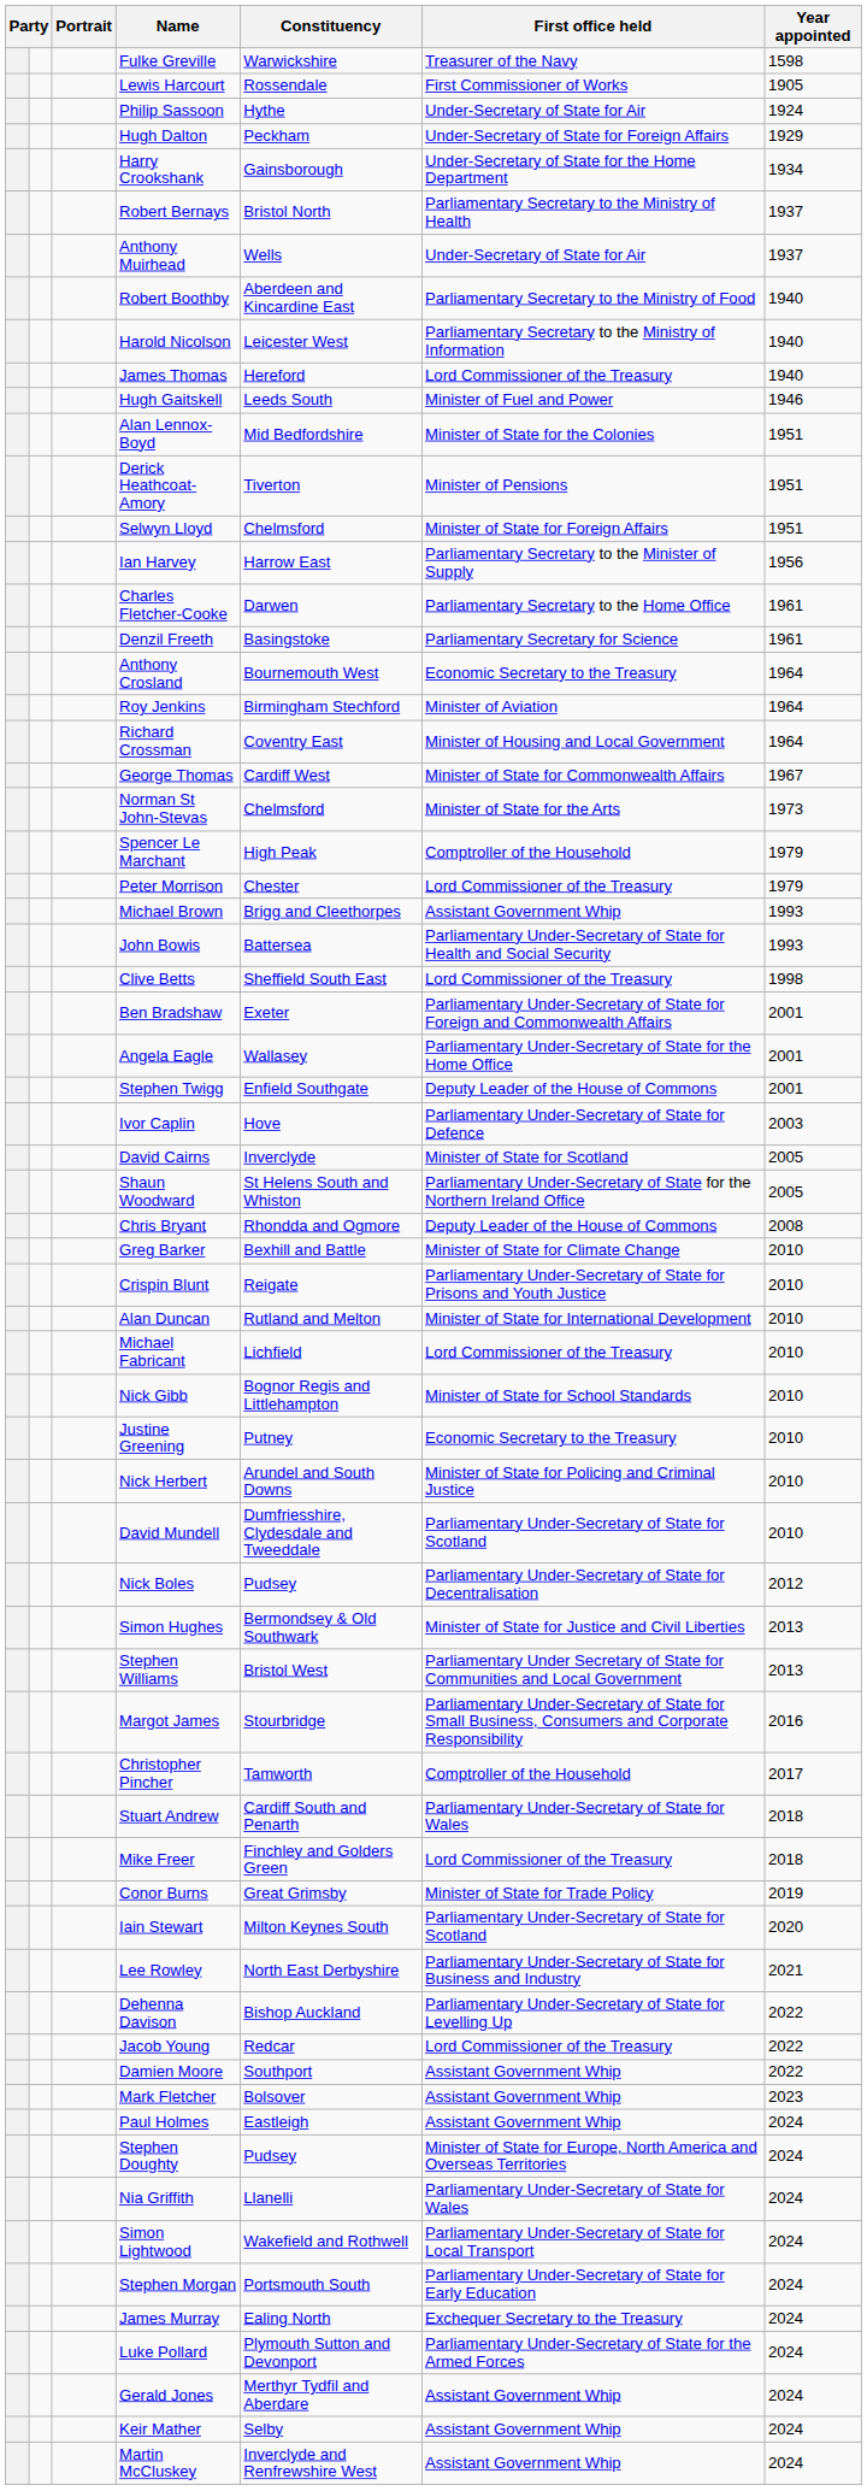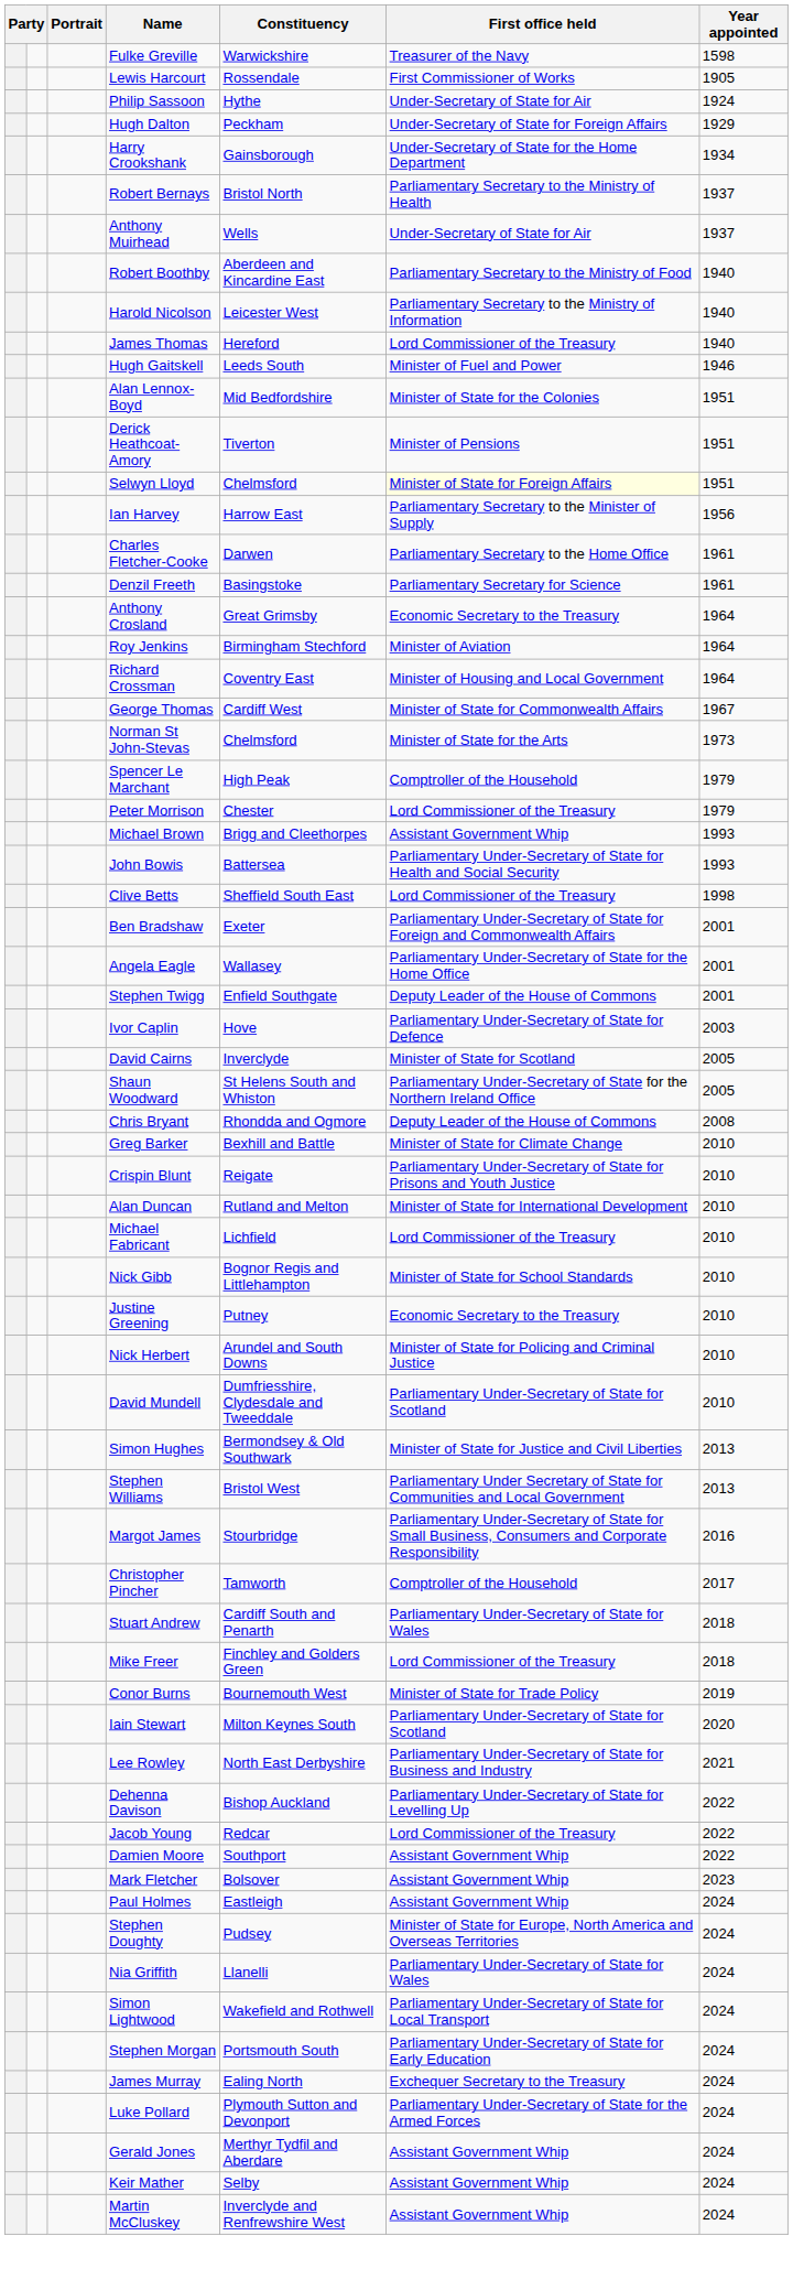 <table class="wikitable sortable">
 <tr>
 <th colspan=2>Party</th>
 <th>Portrait</th>
 <th>Name</th>
 <th>Constituency</th>
 <th>First office held</th>
 <th>Year appointed</th>
 </tr>
 <tr>
 <th style="background-color: "></th>
 <td></td>
 <td></td>
 <td><a href='#'>Fulke Greville</a></td>
 <td><a href='#'>Warwickshire</a></td>
 <td><a href='#'>Treasurer of the Navy</a></td>
 <td>1598</td>
 </tr>
 <tr>
 <th style="background-color: "></th>
 <td></td>
 <td></td>
 <td><a href='#'>Lewis Harcourt</a></td>
 <td><a href='#'>Rossendale</a></td>
 <td><a href='#'>First Commissioner of Works</a></td>
 <td>1905</td>
 </tr>
 <tr>
 <th style="background-color: "></th>
 <td></td>
 <td></td>
 <td><a href='#'>Philip Sassoon</a></td>
 <td><a href='#'>Hythe</a></td>
 <td><a href='#'>Under-Secretary of State for Air</a></td>
 <td>1924</td>
 </tr>
 <tr>
 <th style="background-color: "></th>
 <td></td>
 <td></td>
 <td><a href='#'>Hugh Dalton</a></td>
 <td><a href='#'>Peckham</a></td>
 <td><a href='#'>Under-Secretary of State for Foreign Affairs</a></td>
 <td>1929</td>
 </tr>
 <tr>
 <th style="background-color: "></th>
 <td></td>
 <td></td>
 <td><a href='#'>Harry Crookshank</a></td>
 <td><a href='#'>Gainsborough</a></td>
 <td><a href='#'>Under-Secretary of State for the Home Department</a></td>
 <td>1934</td>
 </tr>
 <tr>
 <th style="background-color: "></th>
 <td></td>
 <td></td>
 <td><a href='#'>Robert Bernays</a></td>
 <td><a href='#'>Bristol North</a></td>
 <td><a href='#'>Parliamentary Secretary to the Ministry of Health</a></td>
 <td>1937</td>
 </tr>
 <tr>
 <th style="background-color: "></th>
 <td></td>
 <td></td>
 <td><a href='#'>Anthony Muirhead</a></td>
 <td><a href='#'>Wells</a></td>
 <td><a href='#'>Under-Secretary of State for Air</a></td>
 <td>1937</td>
 </tr>
 <tr>
 <th style="background-color: "></th>
 <td></td>
 <td></td>
 <td><a href='#'>Robert Boothby</a></td>
 <td><a href='#'>Aberdeen and Kincardine East</a></td>
 <td><a href='#'>Parliamentary Secretary to the Ministry of Food</a></td>
 <td>1940</td>
 </tr>
 <tr>
 <th style="background-color: "></th>
 <td></td>
 <td></td>
 <td><a href='#'>Harold Nicolson</a></td>
 <td><a href='#'>Leicester West</a></td>
 <td><a href='#'>Parliamentary Secretary</a> to the <a href='#'>Ministry of Information</a></td>
 <td>1940</td>
 </tr>
 <tr>
 <th style="background-color: "></th>
 <td></td>
 <td></td>
 <td><a href='#'>James Thomas</a></td>
 <td><a href='#'>Hereford</a></td>
 <td><a href='#'>Lord Commissioner of the Treasury</a></td>
 <td>1940</td>
 </tr>
 <tr>
 <th style="background-color: "></th>
 <td></td>
 <td></td>
 <td><a href='#'>Hugh Gaitskell</a></td>
 <td><a href='#'>Leeds South</a></td>
 <td><a href='#'>Minister of Fuel and Power</a></td>
 <td>1946</td>
 </tr>
 <tr>
 <th style="background-color: "></th>
 <td></td>
 <td></td>
 <td><a href='#'>Alan Lennox-Boyd</a></td>
 <td><a href='#'>Mid Bedfordshire</a></td>
 <td><a href='#'>Minister of State for the Colonies</a></td>
 <td>1951</td>
 </tr>
 <tr>
 <th style="background-color: "></th>
 <td></td>
 <td></td>
 <td><a href='#'>Derick Heathcoat-Amory</a></td>
 <td><a href='#'>Tiverton</a></td>
 <td><a href='#'>Minister of Pensions</a></td>
 <td>1951</td>
 </tr>
 <tr>
 <th style="background-color: "></th>
 <td></td>
 <td></td>
 <td><a href='#'>Selwyn Lloyd</a></td>
 <td><a href='#'>Chelmsford</a></td>
-<td><a href='#'>Minister of State for Foreign Affairs</a></td>
+<td style="background: lightyellow;"><a href='#'>Minister of State for Foreign Affairs</a></td>
 <td>1951</td>
 </tr>
 <tr>
 <th style="background-color: "></th>
 <td></td>
 <td></td>
 <td><a href='#'>Ian Harvey</a></td>
 <td><a href='#'>Harrow East</a></td>
 <td><a href='#'>Parliamentary Secretary</a> to the <a href='#'>Minister of Supply</a></td>
 <td>1956</td>
 </tr>
 <tr>
 <th style="background-color: "></th>
 <td></td>
 <td></td>
 <td><a href='#'>Charles Fletcher-Cooke</a></td>
 <td><a href='#'>Darwen</a></td>
 <td><a href='#'>Parliamentary Secretary</a> to the <a href='#'>Home Office</a></td>
 <td>1961</td>
 </tr>
 <tr>
 <th style="background-color: "></th>
 <td></td>
 <td></td>
 <td><a href='#'>Denzil Freeth</a></td>
 <td><a href='#'>Basingstoke</a></td>
 <td><a href='#'>Parliamentary Secretary for Science</a></td>
 <td>1961</td>
 </tr>
 <tr>
 <th style="background-color: "></th>
 <td></td>
 <td></td>
 <td><a href='#'>Anthony Crosland</a></td>
-<td><a href='#'>Bournemouth West</a></td>
+<td><a href='#'>Great Grimsby</a></td>
 <td><a href='#'>Economic Secretary to the Treasury</a></td>
 <td>1964</td>
 </tr>
 <tr>
 <th style="background-color: "></th>
 <td></td>
 <td></td>
 <td><a href='#'>Roy Jenkins</a></td>
 <td><a href='#'>Birmingham Stechford</a></td>
 <td><a href='#'>Minister of Aviation</a></td>
 <td>1964</td>
 </tr>
 <tr>
 <th style="background-color: "></th>
 <td></td>
 <td></td>
 <td><a href='#'>Richard Crossman</a></td>
 <td><a href='#'>Coventry East</a></td>
 <td><a href='#'>Minister of Housing and Local Government</a></td>
 <td>1964</td>
 </tr>
 <tr>
 <th style="background-color: "></th>
 <td></td>
 <td></td>
 <td><a href='#'>George Thomas</a></td>
 <td><a href='#'>Cardiff West</a></td>
 <td><a href='#'>Minister of State for Commonwealth Affairs</a></td>
 <td>1967</td>
 </tr>
 <tr>
 <th style="background-color: "></th>
 <td></td>
 <td></td>
 <td><a href='#'>Norman St John-Stevas</a></td>
 <td><a href='#'>Chelmsford</a></td>
 <td><a href='#'>Minister of State for the Arts</a></td>
 <td>1973</td>
 </tr>
 <tr>
 <th style="background-color: "></th>
 <td></td>
 <td></td>
 <td><a href='#'>Spencer Le Marchant</a></td>
 <td><a href='#'>High Peak</a></td>
 <td><a href='#'>Comptroller of the Household</a></td>
 <td>1979</td>
 </tr>
 <tr>
 <th style="background-color: "></th>
 <td></td>
 <td></td>
 <td><a href='#'>Peter Morrison</a></td>
 <td><a href='#'>Chester</a></td>
 <td><a href='#'>Lord Commissioner of the Treasury</a></td>
 <td>1979</td>
 </tr>
 <tr>
 <th style="background-color: "></th>
 <td></td>
 <td></td>
 <td><a href='#'>Michael Brown</a></td>
 <td><a href='#'>Brigg and Cleethorpes</a></td>
 <td><a href='#'>Assistant Government Whip</a></td>
 <td>1993</td>
 </tr>
 <tr>
 <th style="background-color: "></th>
 <td></td>
 <td></td>
 <td><a href='#'>John Bowis</a></td>
 <td><a href='#'>Battersea</a></td>
 <td><a href='#'>Parliamentary Under-Secretary of State for Health and Social Security</a></td>
 <td>1993</td>
 </tr>
 <tr>
 <th style="background-color: "></th>
 <td></td>
 <td></td>
 <td><a href='#'>Clive Betts</a></td>
 <td><a href='#'>Sheffield South East</a></td>
 <td><a href='#'>Lord Commissioner of the Treasury</a></td>
 <td>1998</td>
 </tr>
 <tr>
 <th style="background-color: "></th>
 <td></td>
 <td></td>
 <td><a href='#'>Ben Bradshaw</a></td>
 <td><a href='#'>Exeter</a></td>
 <td><a href='#'>Parliamentary Under-Secretary of State for Foreign and Commonwealth Affairs</a></td>
 <td>2001</td>
 </tr>
 <tr>
 <th style="background-color: "></th>
 <td></td>
 <td></td>
 <td><a href='#'>Angela Eagle</a></td>
 <td><a href='#'>Wallasey</a></td>
 <td><a href='#'>Parliamentary Under-Secretary of State for the Home Office</a></td>
 <td>2001</td>
 </tr>
 <tr>
 <th style="background-color: "></th>
 <td></td>
 <td></td>
 <td><a href='#'>Stephen Twigg</a></td>
 <td><a href='#'>Enfield Southgate</a></td>
 <td><a href='#'>Deputy Leader of the House of Commons</a></td>
 <td>2001</td>
 </tr>
 <tr>
 <th style="background-color: "></th>
 <td></td>
 <td></td>
 <td><a href='#'>Ivor Caplin</a></td>
 <td><a href='#'>Hove</a></td>
 <td><a href='#'>Parliamentary Under-Secretary of State for Defence</a></td>
 <td>2003</td>
 </tr>
 <tr>
 <th style="background-color: "></th>
 <td></td>
 <td></td>
 <td><a href='#'>David Cairns</a></td>
 <td><a href='#'>Inverclyde</a></td>
 <td><a href='#'>Minister of State for Scotland</a></td>
 <td>2005</td>
 </tr>
 <tr>
 <th style="background-color: "></th>
 <td></td>
 <td></td>
 <td><a href='#'>Shaun Woodward</a></td>
 <td><a href='#'>St Helens South and Whiston</a></td>
 <td><a href='#'>Parliamentary Under-Secretary of State</a> for the <a href='#'>Northern Ireland Office</a></td>
 <td>2005</td>
 </tr>
 <tr>
 <th style="background-color: "></th>
 <td></td>
 <td></td>
 <td><a href='#'>Chris Bryant</a></td>
 <td><a href='#'>Rhondda and Ogmore</a></td>
 <td><a href='#'>Deputy Leader of the House of Commons</a></td>
 <td>2008</td>
 </tr>
 <tr>
 <th style="background-color: "></th>
 <td></td>
 <td></td>
 <td><a href='#'>Greg Barker</a></td>
 <td><a href='#'>Bexhill and Battle</a></td>
 <td><a href='#'>Minister of State for Climate Change</a></td>
 <td>2010</td>
 </tr>
 <tr>
 <th style="background-color: "></th>
 <td></td>
 <td></td>
 <td><a href='#'>Crispin Blunt</a></td>
 <td><a href='#'>Reigate</a></td>
 <td><a href='#'>Parliamentary Under-Secretary of State for Prisons and Youth Justice</a></td>
 <td>2010</td>
 </tr>
 <tr>
 <th style="background-color: "></th>
 <td></td>
 <td></td>
 <td><a href='#'>Alan Duncan</a></td>
 <td><a href='#'>Rutland and Melton</a></td>
 <td><a href='#'>Minister of State for International Development</a></td>
 <td>2010</td>
 </tr>
 <tr>
 <th style="background-color: "></th>
 <td></td>
 <td></td>
 <td><a href='#'>Michael Fabricant</a></td>
 <td><a href='#'>Lichfield</a></td>
 <td><a href='#'>Lord Commissioner of the Treasury</a></td>
 <td>2010</td>
 </tr>
 <tr>
 <th style="background-color: "></th>
 <td></td>
 <td></td>
 <td><a href='#'>Nick Gibb</a></td>
 <td><a href='#'>Bognor Regis and Littlehampton</a></td>
 <td><a href='#'>Minister of State for School Standards</a></td>
 <td>2010</td>
 </tr>
 <tr>
 <th style="background-color: "></th>
 <td></td>
 <td></td>
 <td><a href='#'>Justine Greening</a></td>
 <td><a href='#'>Putney</a></td>
 <td><a href='#'>Economic Secretary to the Treasury</a></td>
 <td>2010</td>
 </tr>
 <tr>
 <th style="background-color: "></th>
 <td></td>
 <td></td>
 <td><a href='#'>Nick Herbert</a></td>
 <td><a href='#'>Arundel and South Downs</a></td>
 <td><a href='#'>Minister of State for Policing and Criminal Justice</a></td>
 <td>2010</td>
 </tr>
 <tr>
 <th style="background-color: "></th>
 <td></td>
 <td></td>
 <td><a href='#'>David Mundell</a></td>
 <td><a href='#'>Dumfriesshire, Clydesdale and Tweeddale</a></td>
 <td><a href='#'>Parliamentary Under-Secretary of State for Scotland</a></td>
 <td>2010</td>
 </tr>
 <tr>
 <th style="background-color: "></th>
 <td></td>
 <td></td>
-<td><a href='#'>Nick Boles</a></td>
-<td><a href='#'>Pudsey</a></td>
-<td><a href='#'>Parliamentary Under-Secretary of State for Decentralisation</a></td>
-<td>2012</td>
-</tr>
-<tr>
-<th style="background-color: "></th>
-<td></td>
-<td></td>
 <td><a href='#'>Simon Hughes</a></td>
 <td><a href='#'>Bermondsey & Old Southwark</a></td>
 <td><a href='#'>Minister of State for Justice and Civil Liberties</a></td>
 <td>2013</td>
 </tr>
 <tr>
 <th style="background-color: "></th>
 <td></td>
 <td></td>
 <td><a href='#'>Stephen Williams</a></td>
 <td><a href='#'>Bristol West</a></td>
 <td><a href='#'>Parliamentary Under Secretary of State for Communities and Local Government</a></td>
 <td>2013</td>
 </tr>
 <tr>
 <th style="background-color: "></th>
 <td></td>
 <td></td>
 <td><a href='#'>Margot James</a></td>
 <td><a href='#'>Stourbridge</a></td>
 <td><a href='#'>Parliamentary Under-Secretary of State for Small Business, Consumers and Corporate Responsibility</a></td>
 <td>2016</td>
 </tr>
 <tr>
 <th style="background-color: "></th>
 <td></td>
 <td></td>
 <td><a href='#'>Christopher Pincher</a></td>
 <td><a href='#'>Tamworth</a></td>
 <td><a href='#'>Comptroller of the Household</a></td>
 <td>2017</td>
 </tr>
 <tr>
 <th style="background-color: "></th>
 <td></td>
 <td></td>
 <td><a href='#'>Stuart Andrew</a></td>
 <td><a href='#'>Cardiff South and Penarth</a></td>
 <td><a href='#'>Parliamentary Under-Secretary of State for Wales</a></td>
 <td>2018</td>
 </tr>
 <tr>
 <th style="background-color: "></th>
 <td></td>
 <td></td>
 <td><a href='#'>Mike Freer</a></td>
 <td><a href='#'>Finchley and Golders Green</a></td>
 <td><a href='#'>Lord Commissioner of the Treasury</a></td>
 <td>2018</td>
 </tr>
 <tr>
 <th style="background-color: "></th>
 <td></td>
 <td></td>
 <td><a href='#'>Conor Burns</a></td>
-<td><a href='#'>Great Grimsby</a></td>
+<td><a href='#'>Bournemouth West</a></td>
 <td><a href='#'>Minister of State for Trade Policy</a></td>
 <td>2019</td>
 </tr>
 <tr>
 <th style="background-color: "></th>
 <td></td>
 <td></td>
 <td><a href='#'>Iain Stewart</a></td>
 <td><a href='#'>Milton Keynes South</a></td>
 <td><a href='#'>Parliamentary Under-Secretary of State for Scotland</a></td>
 <td>2020</td>
 </tr>
 <tr>
 <th style="background-color: "></th>
 <td></td>
 <td></td>
 <td><a href='#'>Lee Rowley</a></td>
 <td><a href='#'>North East Derbyshire</a></td>
 <td><a href='#'>Parliamentary Under-Secretary of State for Business and Industry</a></td>
 <td>2021</td>
 </tr>
 <tr>
 <th style="background-color: "></th>
 <td></td>
 <td></td>
 <td><a href='#'>Dehenna Davison</a></td>
 <td><a href='#'>Bishop Auckland</a></td>
 <td><a href='#'>Parliamentary Under-Secretary of State for Levelling Up</a></td>
 <td>2022</td>
 </tr>
 <tr>
 <th style="background-color: "></th>
 <td></td>
 <td></td>
 <td><a href='#'>Jacob Young</a></td>
 <td><a href='#'>Redcar</a></td>
 <td><a href='#'>Lord Commissioner of the Treasury</a></td>
 <td>2022</td>
 </tr>
 <tr>
 <th style="background-color: "></th>
 <td></td>
 <td></td>
 <td><a href='#'>Damien Moore</a></td>
 <td><a href='#'>Southport</a></td>
 <td><a href='#'>Assistant Government Whip</a></td>
 <td>2022</td>
 </tr>
 <tr>
 <th style="background-color: "></th>
 <td></td>
 <td></td>
 <td><a href='#'>Mark Fletcher</a></td>
 <td><a href='#'>Bolsover</a></td>
 <td><a href='#'>Assistant Government Whip</a></td>
 <td>2023</td>
 </tr>
 <tr>
 <th style="background-color: "></th>
 <td></td>
 <td></td>
 <td><a href='#'>Paul Holmes</a></td>
 <td><a href='#'>Eastleigh</a></td>
 <td><a href='#'>Assistant Government Whip</a></td>
 <td>2024</td>
 </tr>
 <tr>
 <th style="background-color: "></th>
 <td></td>
 <td></td>
 <td><a href='#'>Stephen Doughty</a></td>
 <td><a href='#'>Pudsey</a></td>
 <td><a href='#'>Minister of State for Europe, North America and Overseas Territories</a></td>
 <td>2024</td>
 </tr>
 <tr>
 <th style="background-color: "></th>
 <td></td>
 <td></td>
 <td><a href='#'>Nia Griffith</a></td>
 <td><a href='#'>Llanelli</a></td>
 <td><a href='#'>Parliamentary Under-Secretary of State for Wales</a></td>
 <td>2024</td>
 </tr>
 <tr>
 <th style="background-color: "></th>
 <td></td>
 <td></td>
 <td><a href='#'>Simon Lightwood</a></td>
 <td><a href='#'>Wakefield and Rothwell</a></td>
 <td><a href='#'>Parliamentary Under-Secretary of State for Local Transport</a></td>
 <td>2024</td>
 </tr>
 <tr>
 <th style="background-color: "></th>
 <td></td>
 <td></td>
 <td><a href='#'>Stephen Morgan</a></td>
 <td><a href='#'>Portsmouth South</a></td>
 <td><a href='#'>Parliamentary Under-Secretary of State for Early Education</a></td>
 <td>2024</td>
 </tr>
 <tr>
 <th style="background-color: "></th>
 <td></td>
 <td></td>
 <td><a href='#'>James Murray</a></td>
 <td><a href='#'>Ealing North</a></td>
 <td><a href='#'>Exchequer Secretary to the Treasury</a></td>
 <td>2024</td>
 </tr>
 <tr>
 <th style="background-color: "></th>
 <td></td>
 <td></td>
 <td><a href='#'>Luke Pollard</a></td>
 <td><a href='#'>Plymouth Sutton and Devonport</a></td>
 <td><a href='#'>Parliamentary Under-Secretary of State for the Armed Forces</a></td>
 <td>2024</td>
 </tr>
 <tr>
 <th style="background-color: "></th>
 <td></td>
 <td></td>
 <td><a href='#'>Gerald Jones</a></td>
 <td><a href='#'>Merthyr Tydfil and Aberdare</a></td>
 <td><a href='#'>Assistant Government Whip</a></td>
 <td>2024</td>
 </tr>
 <tr>
 <th style="background-color: "></th>
 <td></td>
 <td></td>
 <td><a href='#'>Keir Mather</a></td>
 <td><a href='#'>Selby</a></td>
 <td><a href='#'>Assistant Government Whip</a></td>
 <td>2024</td>
 </tr>
 <tr>
 <th style="background-color: "></th>
 <td></td>
 <td></td>
 <td><a href='#'>Martin McCluskey</a></td>
 <td><a href='#'>Inverclyde and Renfrewshire West</a></td>
 <td><a href='#'>Assistant Government Whip</a></td>
 <td>2024</td>
 </tr>
 </table>
